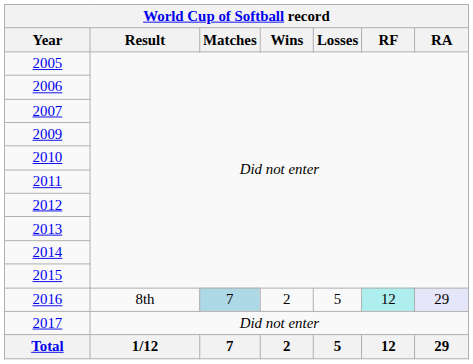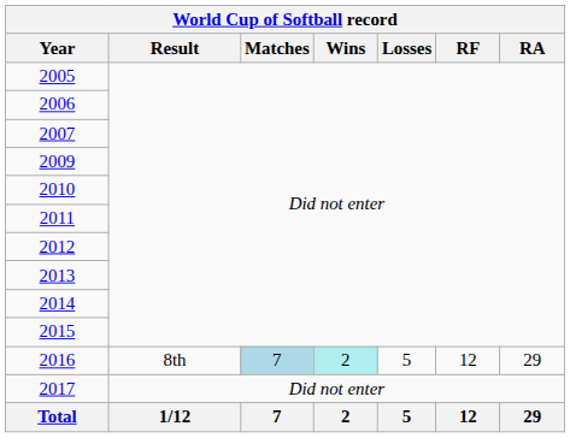 <table class="wikitable"  style="text-align:center; ">
 <tr>
 <th colspan=9> <a href='#'>World Cup of Softball</a> record</th>
 </tr>
 <tr>
 <th width=85>Year</th>
 <th width=110>Result</th>
 <th>Matches</th>
 <th width=50>Wins</th>
 <th>Losses</th>
 <th width=50>RF</th>
 <th width=50>RA</th>
 </tr>
 <tr>
 <td><a href='#'>2005</a></td>
 <td colspan=6 rowspan=10><em>Did not enter</em></td>
 </tr>
 <tr>
 <td><a href='#'>2006</a></td>
 </tr>
 <tr>
 <td><a href='#'>2007</a></td>
 </tr>
 <tr>
 <td><a href='#'>2009</a></td>
 </tr>
 <tr>
 <td><a href='#'>2010</a></td>
 </tr>
 <tr>
 <td><a href='#'>2011</a></td>
 </tr>
 <tr>
 <td><a href='#'>2012</a></td>
 </tr>
 <tr>
 <td><a href='#'>2013</a></td>
 </tr>
 <tr>
 <td><a href='#'>2014</a></td>
 </tr>
 <tr>
 <td><a href='#'>2015</a></td>
 </tr>
 <tr>
 <td><a href='#'>2016</a></td>
 <td>8th</td>
 <td style="background: lightblue;">7</td>
-<td>2</td>
+<td style="background: paleturquoise;">2</td>
 <td>5</td>
-<td style="background: paleturquoise;">12</td>
-<td style="background: lavender;">29</td>
+<td>12</td>
+<td>29</td>
 </tr>
 <tr>
 <td><a href='#'>2017</a></td>
 <td colspan=6><em>Did not enter</em></td>
 </tr>
 <tr class=sortbottom style="font-weight:bold;">
 <th><a href='#'>Total</a></th>
 <th>1/12</th>
 <th>7</th>
 <th>2</th>
 <th>5</th>
 <th>12</th>
 <th>29</th>
 </tr>
 </table>
